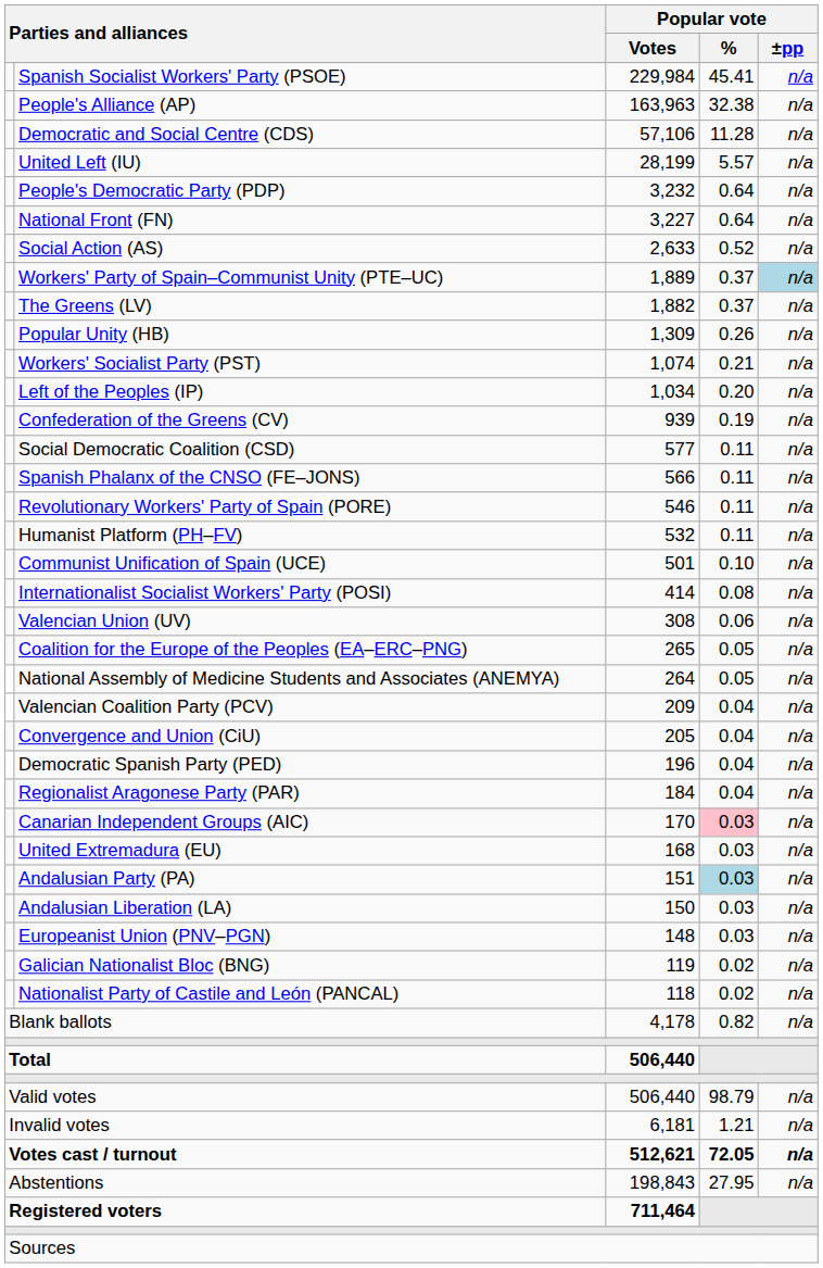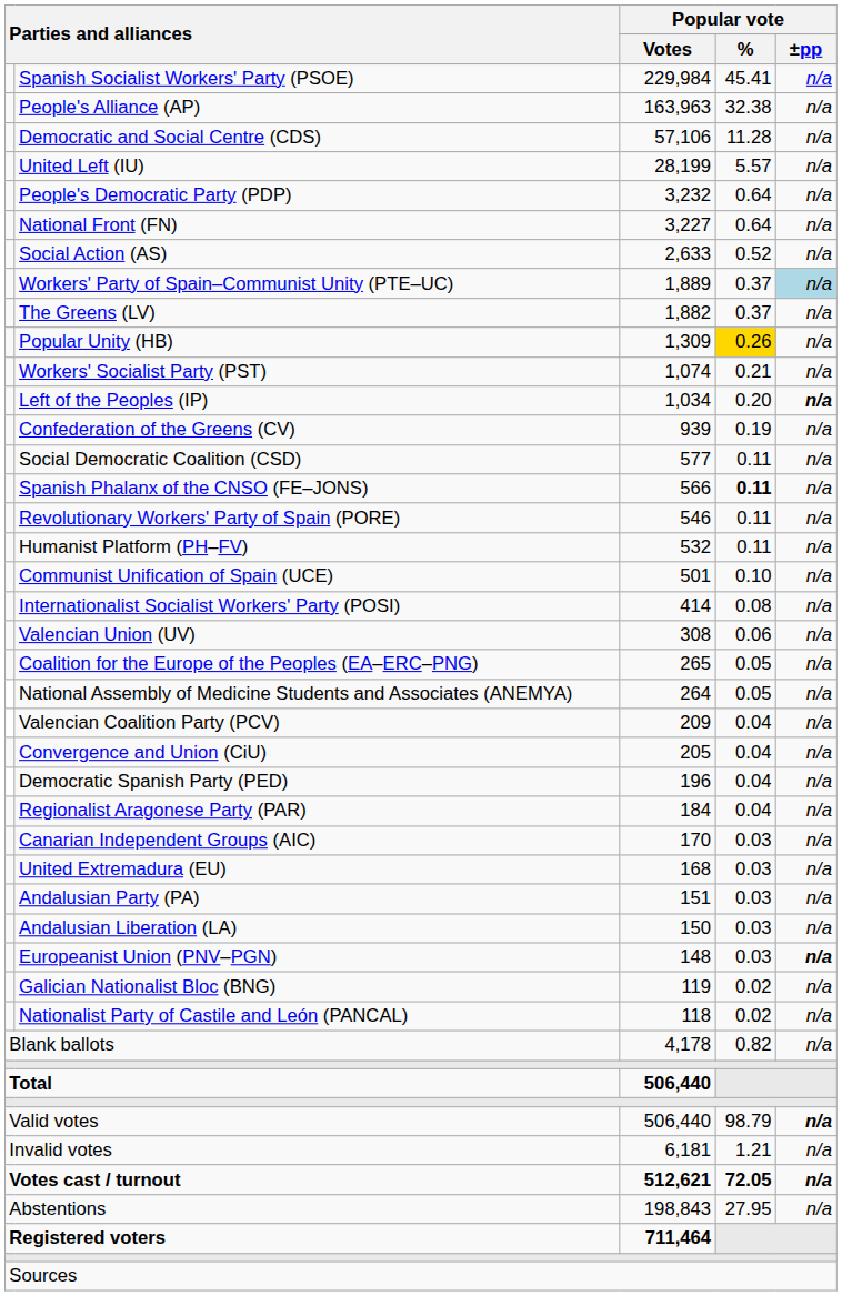 <table class="wikitable" style="text-align:right">
 <tr>
 <th style="text-align:left;" rowspan="2" colspan="2" width="525">Parties and alliances</th>
 <th colspan="3">Popular vote</th>
 </tr>
 <tr>
 <th width="75">Votes</th>
 <th width="45">%</th>
 <th width="45">±<a href='#'>pp</a></th>
 </tr>
 <tr>
 <td width="1" style="color:inherit;background:"></td>
 <td align="left"><a href='#'>Spanish Socialist Workers' Party</a> (PSOE)</td>
 <td>229,984</td>
 <td>45.41</td>
 <td><em><a href='#'>n/a</a></em></td>
 </tr>
 <tr>
 <td style="color:inherit;background:"></td>
 <td align="left"><a href='#'>People's Alliance</a> (AP)</td>
 <td>163,963</td>
 <td>32.38</td>
 <td><em>n/a</em></td>
 </tr>
 <tr>
 <td style="color:inherit;background:"></td>
 <td align="left"><a href='#'>Democratic and Social Centre</a> (CDS)</td>
 <td>57,106</td>
 <td>11.28</td>
 <td><em>n/a</em></td>
 </tr>
 <tr>
 <td style="color:inherit;background:"></td>
 <td align="left"><a href='#'>United Left</a> (IU)</td>
 <td>28,199</td>
 <td>5.57</td>
 <td><em>n/a</em></td>
 </tr>
 <tr>
 <td style="color:inherit;background:"></td>
 <td align="left"><a href='#'>People's Democratic Party</a> (PDP)</td>
 <td>3,232</td>
 <td>0.64</td>
 <td><em>n/a</em></td>
 </tr>
 <tr>
 <td style="color:inherit;background:"></td>
 <td align="left"><a href='#'>National Front</a> (FN)</td>
 <td>3,227</td>
 <td>0.64</td>
 <td><em>n/a</em></td>
 </tr>
 <tr>
 <td style="color:inherit;background:"></td>
 <td align="left"><a href='#'>Social Action</a> (AS)</td>
 <td>2,633</td>
 <td>0.52</td>
 <td><em>n/a</em></td>
 </tr>
 <tr>
 <td style="color:inherit;background:"></td>
 <td align="left"><a href='#'>Workers' Party of Spain–Communist Unity</a> (PTE–UC)</td>
 <td>1,889</td>
 <td>0.37</td>
 <td style="background: lightblue;"><em>n/a</em></td>
 </tr>
 <tr>
 <td style="color:inherit;background:"></td>
 <td align="left"><a href='#'>The Greens</a> (LV)</td>
 <td>1,882</td>
 <td>0.37</td>
 <td><em>n/a</em></td>
 </tr>
 <tr>
 <td style="color:inherit;background:"></td>
 <td align="left"><a href='#'>Popular Unity</a> (HB)</td>
 <td>1,309</td>
-<td>0.26</td>
+<td style="background: gold;">0.26</td>
 <td><em>n/a</em></td>
 </tr>
 <tr>
 <td style="color:inherit;background:"></td>
 <td align="left"><a href='#'>Workers' Socialist Party</a> (PST)</td>
 <td>1,074</td>
 <td>0.21</td>
 <td><em>n/a</em></td>
 </tr>
 <tr>
 <td style="color:inherit;background:"></td>
 <td align="left"><a href='#'>Left of the Peoples</a> (IP)</td>
 <td>1,034</td>
 <td>0.20</td>
-<td><em>n/a</em></td>
+<td><strong><em>n/a</em></strong></td>
 </tr>
 <tr>
 <td style="color:inherit;background:"></td>
 <td align="left"><a href='#'>Confederation of the Greens</a> (CV)</td>
 <td>939</td>
 <td>0.19</td>
 <td><em>n/a</em></td>
 </tr>
 <tr>
 <td style="color:inherit;background:"></td>
 <td align="left">Social Democratic Coalition (CSD)</td>
 <td>577</td>
 <td>0.11</td>
 <td><em>n/a</em></td>
 </tr>
 <tr>
 <td style="color:inherit;background:"></td>
 <td align="left"><a href='#'>Spanish Phalanx of the CNSO</a> (FE–JONS)</td>
 <td>566</td>
-<td>0.11</td>
+<td><strong>0.11</strong></td>
 <td><em>n/a</em></td>
 </tr>
 <tr>
 <td style="color:inherit;background:"></td>
 <td align="left"><a href='#'>Revolutionary Workers' Party of Spain</a> (PORE)</td>
 <td>546</td>
 <td>0.11</td>
 <td><em>n/a</em></td>
 </tr>
 <tr>
 <td style="color:inherit;background:"></td>
 <td align="left">Humanist Platform (<a href='#'>PH</a>–<a href='#'>FV</a>)</td>
 <td>532</td>
 <td>0.11</td>
 <td><em>n/a</em></td>
 </tr>
 <tr>
 <td style="color:inherit;background:"></td>
 <td align="left"><a href='#'>Communist Unification of Spain</a> (UCE)</td>
 <td>501</td>
 <td>0.10</td>
 <td><em>n/a</em></td>
 </tr>
 <tr>
 <td style="color:inherit;background:"></td>
 <td align="left"><a href='#'>Internationalist Socialist Workers' Party</a> (POSI)</td>
 <td>414</td>
 <td>0.08</td>
 <td><em>n/a</em></td>
 </tr>
 <tr>
 <td style="color:inherit;background:"></td>
 <td align="left"><a href='#'>Valencian Union</a> (UV)</td>
 <td>308</td>
 <td>0.06</td>
 <td><em>n/a</em></td>
 </tr>
 <tr>
 <td style="color:inherit;background:"></td>
 <td align="left"><a href='#'>Coalition for the Europe of the Peoples</a> (<a href='#'>EA</a>–<a href='#'>ERC</a>–<a href='#'>PNG</a>)</td>
 <td>265</td>
 <td>0.05</td>
 <td><em>n/a</em></td>
 </tr>
 <tr>
 <td bgcolor="white"></td>
 <td align="left">National Assembly of Medicine Students and Associates (ANEMYA)</td>
 <td>264</td>
 <td>0.05</td>
 <td><em>n/a</em></td>
 </tr>
 <tr>
 <td bgcolor="white"></td>
 <td align="left">Valencian Coalition Party (PCV)</td>
 <td>209</td>
 <td>0.04</td>
 <td><em>n/a</em></td>
 </tr>
 <tr>
 <td style="color:inherit;background:"></td>
 <td align="left"><a href='#'>Convergence and Union</a> (CiU)</td>
 <td>205</td>
 <td>0.04</td>
 <td><em>n/a</em></td>
 </tr>
 <tr>
 <td bgcolor="white"></td>
 <td align="left">Democratic Spanish Party (PED)</td>
 <td>196</td>
 <td>0.04</td>
 <td><em>n/a</em></td>
 </tr>
 <tr>
 <td style="color:inherit;background:"></td>
 <td align="left"><a href='#'>Regionalist Aragonese Party</a> (PAR)</td>
 <td>184</td>
 <td>0.04</td>
 <td><em>n/a</em></td>
 </tr>
 <tr>
 <td style="color:inherit;background:"></td>
 <td align="left"><a href='#'>Canarian Independent Groups</a> (AIC)</td>
 <td>170</td>
-<td style="background: pink;">0.03</td>
+<td>0.03</td>
 <td><em>n/a</em></td>
 </tr>
 <tr>
 <td style="color:inherit;background:"></td>
 <td align="left"><a href='#'>United Extremadura</a> (EU)</td>
 <td>168</td>
 <td>0.03</td>
 <td><em>n/a</em></td>
 </tr>
 <tr>
 <td style="color:inherit;background:"></td>
 <td align="left"><a href='#'>Andalusian Party</a> (PA)</td>
 <td>151</td>
-<td style="background: lightblue;">0.03</td>
+<td>0.03</td>
 <td><em>n/a</em></td>
 </tr>
 <tr>
 <td style="color:inherit;background:"></td>
 <td align="left"><a href='#'>Andalusian Liberation</a> (LA)</td>
 <td>150</td>
 <td>0.03</td>
 <td><em>n/a</em></td>
 </tr>
 <tr>
 <td style="color:inherit;background:"></td>
 <td align="left"><a href='#'>Europeanist Union</a> (<a href='#'>PNV</a>–<a href='#'>PGN</a>)</td>
 <td>148</td>
 <td>0.03</td>
-<td><em>n/a</em></td>
+<td><strong><em>n/a</em></strong></td>
 </tr>
 <tr>
 <td style="color:inherit;background:"></td>
 <td align="left"><a href='#'>Galician Nationalist Bloc</a> (BNG)</td>
 <td>119</td>
 <td>0.02</td>
 <td><em>n/a</em></td>
 </tr>
 <tr>
 <td style="color:inherit;background:"></td>
 <td align="left"><a href='#'>Nationalist Party of Castile and León</a> (PANCAL)</td>
 <td>118</td>
 <td>0.02</td>
 <td><em>n/a</em></td>
 </tr>
 <tr>
 <td align="left" colspan="2">Blank ballots</td>
 <td>4,178</td>
 <td>0.82</td>
 <td><em>n/a</em></td>
 </tr>
 <tr>
 <td colspan="5" bgcolor="#E9E9E9"></td>
 </tr>
 <tr style="font-weight:bold;">
 <td align="left" colspan="2">Total</td>
 <td>506,440</td>
 <td bgcolor="#E9E9E9" colspan="2"></td>
 </tr>
 <tr>
 <td colspan="5" bgcolor="#E9E9E9"></td>
 </tr>
 <tr>
 <td align="left" colspan="2">Valid votes</td>
 <td>506,440</td>
 <td>98.79</td>
-<td><em>n/a</em></td>
+<td><strong><em>n/a</em></strong></td>
 </tr>
 <tr>
 <td align="left" colspan="2">Invalid votes</td>
 <td>6,181</td>
 <td>1.21</td>
 <td><em>n/a</em></td>
 </tr>
 <tr style="font-weight:bold;">
 <td align="left" colspan="2">Votes cast / turnout</td>
 <td>512,621</td>
 <td>72.05</td>
 <td><em>n/a</em></td>
 </tr>
 <tr>
 <td align="left" colspan="2">Abstentions</td>
 <td>198,843</td>
 <td>27.95</td>
 <td><em>n/a</em></td>
 </tr>
 <tr style="font-weight:bold;">
 <td align="left" colspan="2">Registered voters</td>
 <td>711,464</td>
 <td bgcolor="#E9E9E9" colspan="2"></td>
 </tr>
 <tr>
 <td colspan="5" bgcolor="#E9E9E9"></td>
 </tr>
 <tr>
 <td align="left" colspan="5">Sources</td>
 </tr>
 </table>
